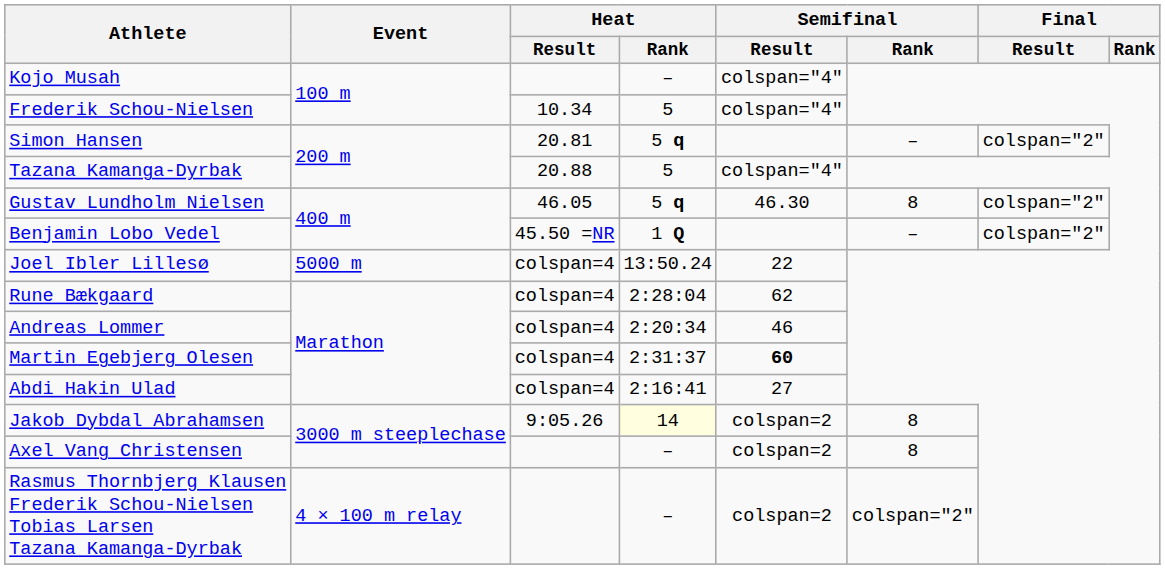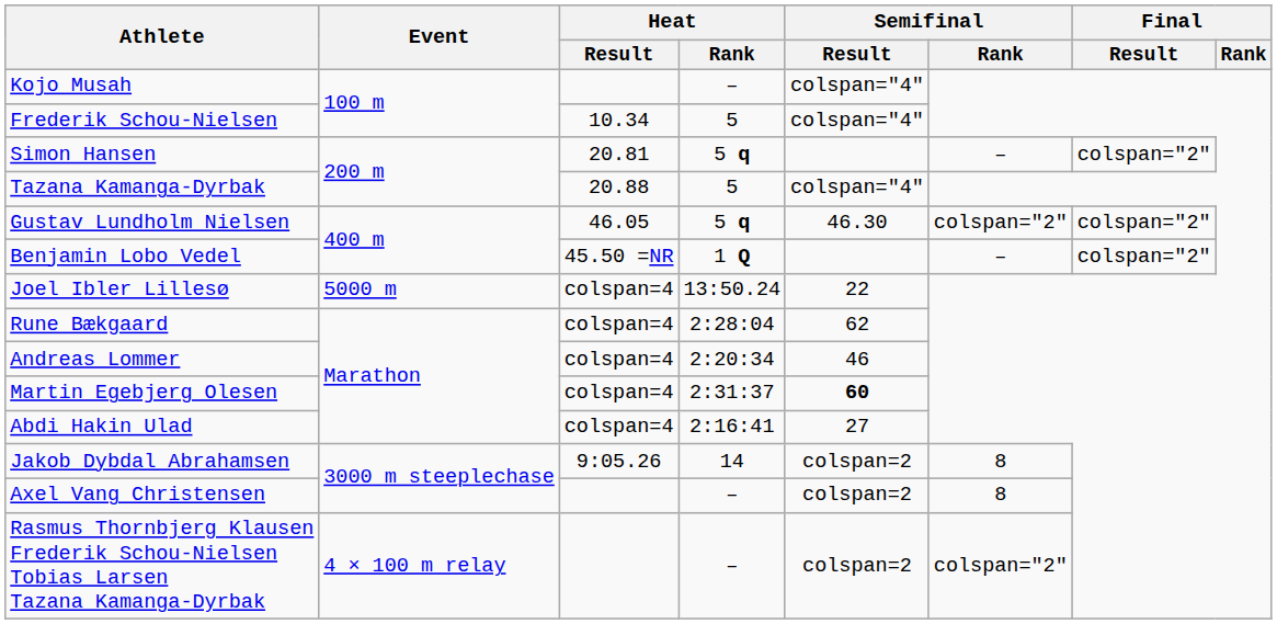 <table class="wikitable" style="font-size:90%">
 <tr>
 <th rowspan="2">Athlete</th>
 <th rowspan="2">Event</th>
 <th colspan="2">Heat</th>
 <th colspan="2">Semifinal</th>
 <th colspan="2">Final</th>
 </tr>
 <tr style="font-size:95%">
 <th>Result</th>
 <th>Rank</th>
 <th>Result</th>
 <th>Rank</th>
 <th>Result</th>
 <th>Rank</th>
 </tr>
 <tr align=center>
 <td align=left><a href='#'>Kojo Musah</a></td>
 <td align=left rowspan=2><a href='#'>100 m</a></td>
 <td></td>
 <td>–</td>
 <td>colspan="4" </td>
 </tr>
 <tr align=center>
 <td align=left><a href='#'>Frederik Schou-Nielsen</a></td>
 <td>10.34</td>
 <td>5</td>
 <td>colspan="4" </td>
 </tr>
 <tr align=center>
 <td align=left><a href='#'>Simon Hansen</a></td>
 <td align=left rowspan=2><a href='#'>200 m</a></td>
 <td>20.81</td>
 <td>5 <strong>q</strong></td>
 <td></td>
 <td>–</td>
 <td>colspan="2" </td>
 </tr>
 <tr align=center>
 <td align=left><a href='#'>Tazana Kamanga-Dyrbak</a></td>
 <td>20.88</td>
 <td>5</td>
 <td>colspan="4" </td>
 </tr>
 <tr align=center>
 <td align=left><a href='#'>Gustav Lundholm Nielsen</a></td>
 <td align=left rowspan=2><a href='#'>400 m</a></td>
 <td>46.05 </td>
 <td>5 <strong>q</strong></td>
 <td>46.30</td>
-<td>8</td>
+<td>colspan="2" </td>
 <td>colspan="2" </td>
 </tr>
 <tr align=center>
 <td align=left><a href='#'>Benjamin Lobo Vedel</a></td>
 <td>45.50 =<a href='#'>NR</a></td>
 <td>1 <strong>Q</strong></td>
 <td></td>
 <td>–</td>
 <td>colspan="2" </td>
 </tr>
 <tr align=center>
 <td align=left><a href='#'>Joel Ibler Lillesø</a></td>
 <td align=left><a href='#'>5000 m</a></td>
 <td>colspan=4 </td>
 <td>13:50.24</td>
 <td>22</td>
 </tr>
 <tr align=center>
 <td align=left><a href='#'>Rune Bækgaard</a></td>
 <td align=left rowspan=4><a href='#'>Marathon</a></td>
 <td>colspan=4 </td>
 <td>2:28:04</td>
 <td>62</td>
 </tr>
 <tr align=center>
 <td align=left><a href='#'>Andreas Lommer</a></td>
 <td>colspan=4 </td>
 <td>2:20:34</td>
 <td>46</td>
 </tr>
 <tr align=center>
 <td align=left><a href='#'>Martin Egebjerg Olesen</a></td>
 <td>colspan=4 </td>
 <td>2:31:37</td>
 <td><strong>60</strong></td>
 </tr>
 <tr align=center>
 <td align=left><a href='#'>Abdi Hakin Ulad</a></td>
 <td>colspan=4 </td>
 <td>2:16:41</td>
 <td>27</td>
 </tr>
 <tr align=center>
 <td align=left><a href='#'>Jakob Dybdal Abrahamsen</a></td>
 <td align=left rowspan=2><a href='#'>3000 m steeplechase</a></td>
 <td>9:05.26</td>
-<td style="background: lightyellow;">14</td>
+<td>14</td>
 <td>colspan=2 </td>
 <td>8</td>
 </tr>
 <tr align=center>
 <td align=left><a href='#'>Axel Vang Christensen</a></td>
 <td></td>
 <td>–</td>
 <td>colspan=2 </td>
 <td>8</td>
 </tr>
 <tr align=center>
 <td align=left><a href='#'>Rasmus Thornbjerg Klausen</a><br><a href='#'>Frederik Schou-Nielsen</a><br><a href='#'>Tobias Larsen</a><br><a href='#'>Tazana Kamanga-Dyrbak</a></td>
 <td align=left><a href='#'>4 × 100 m relay</a></td>
 <td></td>
 <td>–</td>
 <td>colspan=2 </td>
 <td>colspan="2" </td>
 </tr>
 </table>
